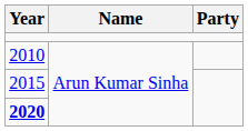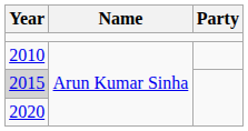 <table class="wikitable sortable">
 <tr>
 <th>Year</th>
 <th>Name</th>
 <th colspan="2">Party</th>
 </tr>
 <tr>
 </tr>
 <tr>
 <td colspan="4"></td>
 </tr>
 <tr>
 <td><a href='#'>2010</a></td>
 <td rowspan="3"><a href='#'>Arun Kumar Sinha</a></td>
 <td></td>
 </tr>
 <tr>
-<td><a href='#'>2015</a></td>
+<td style="background: lightgrey;"><a href='#'>2015</a></td>
 </tr>
 <tr>
-<td><strong><a href='#'>2020</a></strong></td>
+<td><a href='#'>2020</a></td>
 </tr>
 </table>
